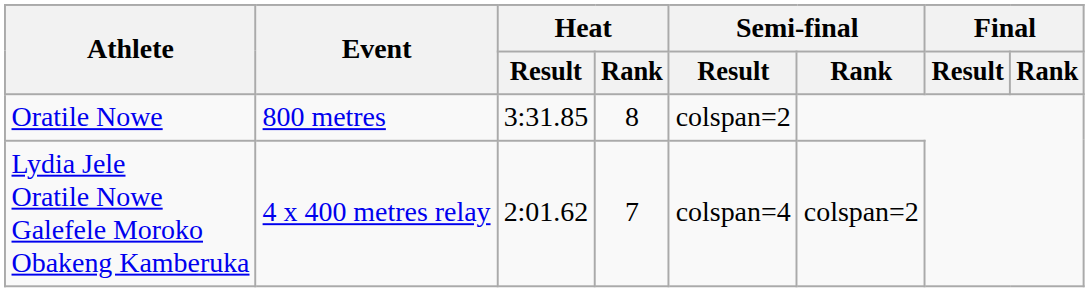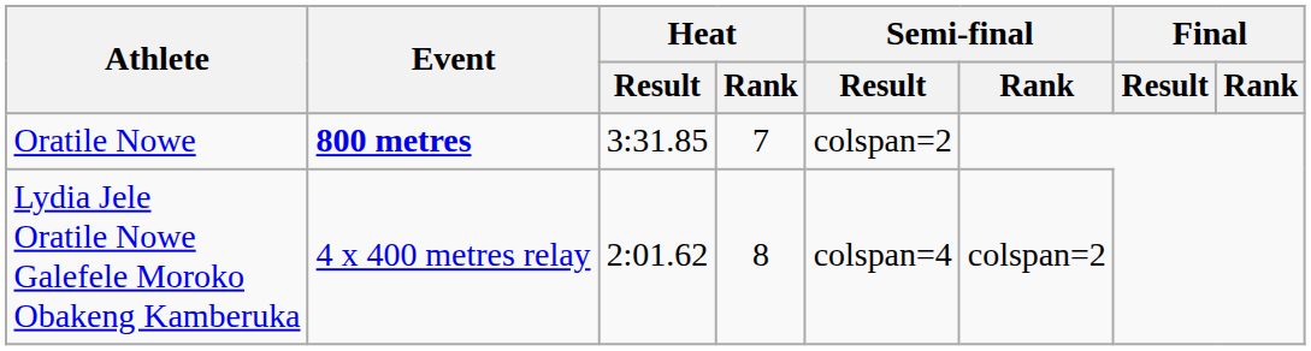 <table class=wikitable style=font-size:90%>
 <tr>
 <th rowspan=2>Athlete</th>
 <th rowspan=2>Event</th>
 <th colspan=2>Heat</th>
 <th colspan=2>Semi-final</th>
 <th colspan=2>Final</th>
 </tr>
 <tr style=font-size:95%>
 <th>Result</th>
 <th>Rank</th>
 <th>Result</th>
 <th>Rank</th>
 <th>Result</th>
 <th>Rank</th>
 </tr>
 <tr align=center>
 <td align=left><a href='#'>Oratile Nowe</a></td>
-<td align=left><a href='#'>800 metres</a></td>
+<td align=left><strong><a href='#'>800 metres</a></strong></td>
 <td>3:31.85</td>
-<td>8</td>
+<td>7</td>
 <td>colspan=2</td>
 </tr>
 <tr align=center>
 <td align=left><a href='#'>Lydia Jele</a><br><a href='#'>Oratile Nowe</a><br><a href='#'>Galefele Moroko</a><br><a href='#'>Obakeng Kamberuka</a></td>
 <td align=left><a href='#'>4 x 400 metres relay</a></td>
 <td>2:01.62 </td>
-<td>7</td>
+<td>8</td>
 <td>colspan=4 </td>
 <td>colspan=2 </td>
 </tr>
 </table>
